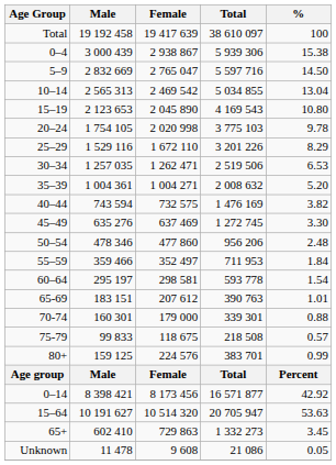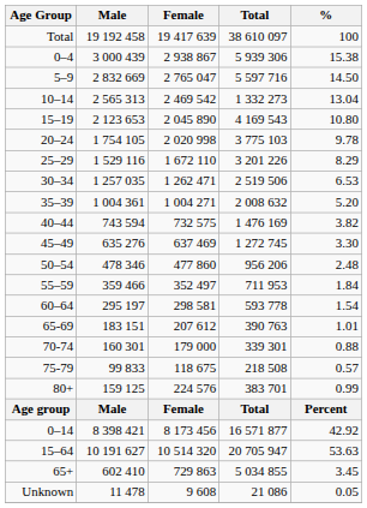 <table class="wikitable">
 <tr>
 <th width="80pt">Age Group</th>
 <th width="80pt">Male</th>
 <th width="80pt">Female</th>
 <th width="80pt">Total</th>
 <th width="80pt">%</th>
 </tr>
 <tr>
 <td align="right">Total</td>
 <td align="right">19 192 458</td>
 <td align="right">19 417 639</td>
 <td align="right">38 610 097</td>
 <td align="right">100</td>
 </tr>
 <tr>
 <td align="right">0–4</td>
 <td align="right">3 000 439</td>
 <td align="right">2 938 867</td>
 <td align="right">5 939 306</td>
 <td align="right">15.38</td>
 </tr>
 <tr>
 <td align="right">5–9</td>
 <td align="right">2 832 669</td>
 <td align="right">2 765 047</td>
 <td align="right">5 597 716</td>
 <td align="right">14.50</td>
 </tr>
 <tr>
 <td align="right">10–14</td>
 <td align="right">2 565 313</td>
 <td align="right">2 469 542</td>
-<td align="right">5 034 855</td>
+<td align="right">1 332 273</td>
 <td align="right">13.04</td>
 </tr>
 <tr>
 <td align="right">15–19</td>
 <td align="right">2 123 653</td>
 <td align="right">2 045 890</td>
 <td align="right">4 169 543</td>
 <td align="right">10.80</td>
 </tr>
 <tr>
 <td align="right">20–24</td>
 <td align="right">1 754 105</td>
 <td align="right">2 020 998</td>
 <td align="right">3 775 103</td>
 <td align="right">9.78</td>
 </tr>
 <tr>
 <td align="right">25–29</td>
 <td align="right">1 529 116</td>
 <td align="right">1 672 110</td>
 <td align="right">3 201 226</td>
 <td align="right">8.29</td>
 </tr>
 <tr>
 <td align="right">30–34</td>
 <td align="right">1 257 035</td>
 <td align="right">1 262 471</td>
 <td align="right">2 519 506</td>
 <td align="right">6.53</td>
 </tr>
 <tr>
 <td align="right">35–39</td>
 <td align="right">1 004 361</td>
 <td align="right">1 004 271</td>
 <td align="right">2 008 632</td>
 <td align="right">5.20</td>
 </tr>
 <tr>
 <td align="right">40–44</td>
 <td align="right">743 594</td>
 <td align="right">732 575</td>
 <td align="right">1 476 169</td>
 <td align="right">3.82</td>
 </tr>
 <tr>
 <td align="right">45–49</td>
 <td align="right">635 276</td>
 <td align="right">637 469</td>
 <td align="right">1 272 745</td>
 <td align="right">3.30</td>
 </tr>
 <tr>
 <td align="right">50–54</td>
 <td align="right">478 346</td>
 <td align="right">477 860</td>
 <td align="right">956 206</td>
 <td align="right">2.48</td>
 </tr>
 <tr>
 <td align="right">55–59</td>
 <td align="right">359 466</td>
 <td align="right">352 497</td>
 <td align="right">711 953</td>
 <td align="right">1.84</td>
 </tr>
 <tr>
 <td align="right">60–64</td>
 <td align="right">295 197</td>
 <td align="right">298 581</td>
 <td align="right">593 778</td>
 <td align="right">1.54</td>
 </tr>
 <tr>
 <td align="right">65-69</td>
 <td align="right">183 151</td>
 <td align="right">207 612</td>
 <td align="right">390 763</td>
 <td align="right">1.01</td>
 </tr>
 <tr>
 <td align="right">70-74</td>
 <td align="right">160 301</td>
 <td align="right">179 000</td>
 <td align="right">339 301</td>
 <td align="right">0.88</td>
 </tr>
 <tr>
 <td align="right">75-79</td>
 <td align="right">99 833</td>
 <td align="right">118 675</td>
 <td align="right">218 508</td>
 <td align="right">0.57</td>
 </tr>
 <tr>
 <td align="right">80+</td>
 <td align="right">159 125</td>
 <td align="right">224 576</td>
 <td align="right">383 701</td>
 <td align="right">0.99</td>
 </tr>
 <tr>
 <th width="50">Age group</th>
 <th width="80pt">Male</th>
 <th width="80">Female</th>
 <th width="80">Total</th>
 <th width="50">Percent</th>
 </tr>
 <tr>
 <td align="right">0–14</td>
 <td align="right">8 398 421</td>
 <td align="right">8 173 456</td>
 <td align="right">16 571 877</td>
 <td align="right">42.92</td>
 </tr>
 <tr>
 <td align="right">15–64</td>
 <td align="right">10 191 627</td>
 <td align="right">10 514 320</td>
 <td align="right">20 705 947</td>
 <td align="right">53.63</td>
 </tr>
 <tr>
 <td align="right">65+</td>
 <td align="right">602 410</td>
 <td align="right">729 863</td>
-<td align="right">1 332 273</td>
+<td align="right">5 034 855</td>
 <td align="right">3.45</td>
 </tr>
 <tr>
 <td align="right">Unknown</td>
 <td align="right">11 478</td>
 <td align="right">9 608</td>
 <td align="right">21 086</td>
 <td align="right">0.05</td>
 </tr>
 <tr>
 </tr>
 </table>
